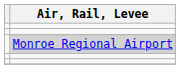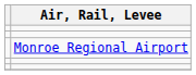 <table class="wikitable">
 <tr>
 <th></th>
 <th>Air, Rail, Levee</th>
 </tr>
 <tr>
 <td></td>
 <td></td>
 </tr>
 <tr>
 <td></td>
 <td></td>
 </tr>
 <tr>
 <td></td>
-<td style="background: lightgrey;"><a href='#'>Monroe Regional Airport</a></td>
+<td><a href='#'>Monroe Regional Airport</a></td>
 </tr>
 <tr>
 <td></td>
 <td></td>
 </tr>
 <tr>
 <td></td>
 <td></td>
 </tr>
 <tr>
 </tr>
 </table>
